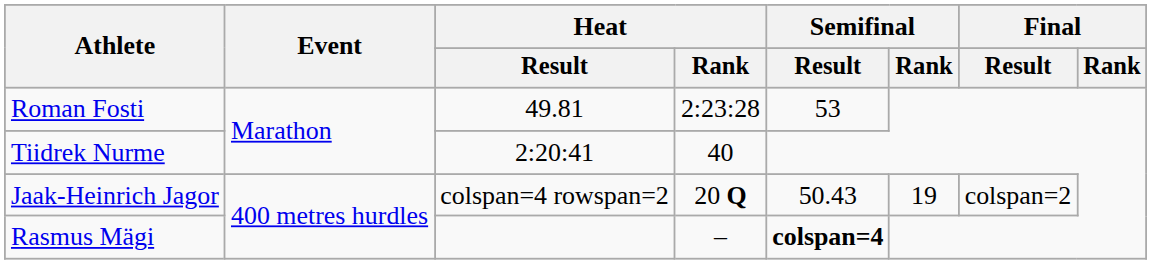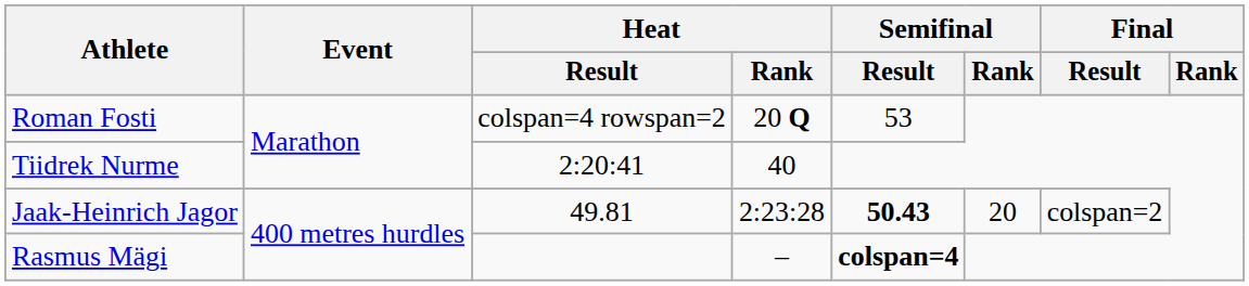 <table class=wikitable style=font-size:90%>
 <tr>
 <th rowspan=2>Athlete</th>
 <th rowspan=2>Event</th>
 <th colspan=2>Heat</th>
 <th colspan=2>Semifinal</th>
 <th colspan=2>Final</th>
 </tr>
 <tr style=font-size:95%>
 <th>Result</th>
 <th>Rank</th>
 <th>Result</th>
 <th>Rank</th>
 <th>Result</th>
 <th>Rank</th>
 </tr>
 <tr align=center>
 <td align=left><a href='#'>Roman Fosti</a></td>
 <td align=left rowspan=2><a href='#'>Marathon</a></td>
-<td>49.81</td>
-<td>2:23:28 <strong></strong></td>
+<td>colspan=4 rowspan=2 </td>
+<td>20 <strong>Q</strong></td>
 <td>53</td>
 </tr>
 <tr align=center>
 <td align=left><a href='#'>Tiidrek Nurme</a></td>
 <td>2:20:41 <strong></strong></td>
 <td>40</td>
 </tr>
 <tr align=center>
 <td align=left><a href='#'>Jaak-Heinrich Jagor</a></td>
 <td align=left rowspan=2><a href='#'>400 metres hurdles</a></td>
-<td>colspan=4 rowspan=2 </td>
-<td>20 <strong>Q</strong></td>
-<td>50.43</td>
-<td>19</td>
+<td>49.81</td>
+<td>2:23:28 <strong></strong></td>
+<td><strong>50.43</strong></td>
+<td>20</td>
 <td>colspan=2 </td>
 </tr>
 <tr align=center>
 <td align=left><a href='#'>Rasmus Mägi</a></td>
 <td></td>
 <td>–</td>
 <td><strong>colspan=4 </strong></td>
 </tr>
 </table>
